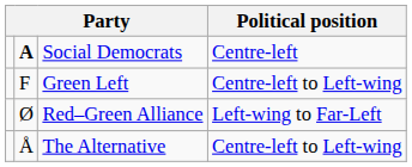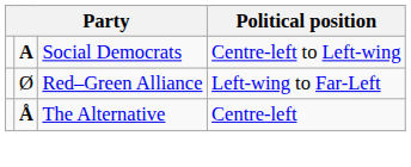 <table class="wikitable">
 <tr>
 <th colspan="3">Party</th>
 <th>Political position</th>
 </tr>
 <tr>
 <td></td>
 <td><strong>A</strong></td>
 <td><a href='#'>Social Democrats</a></td>
-<td><a href='#'>Centre-left</a></td>
-</tr>
-<tr>
-<td></td>
-<td>F</td>
-<td><a href='#'>Green Left</a></td>
 <td><a href='#'>Centre-left</a> to <a href='#'>Left-wing</a></td>
 </tr>
 <tr>
 <td></td>
 <td>Ø</td>
 <td><a href='#'>Red–Green Alliance</a></td>
 <td><a href='#'>Left-wing</a> to  <a href='#'>Far-Left</a></td>
 </tr>
 <tr>
 <td></td>
-<td>Å</td>
+<td><strong>Å</strong></td>
 <td><a href='#'>The Alternative</a></td>
-<td><a href='#'>Centre-left</a> to <a href='#'>Left-wing</a></td>
+<td><a href='#'>Centre-left</a></td>
 </tr>
 </table>
